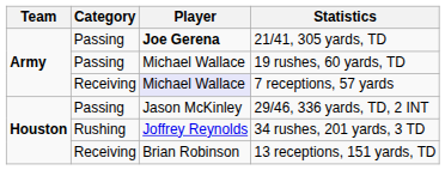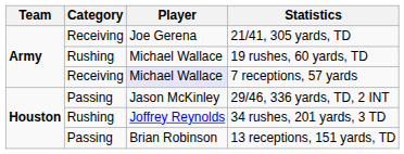 <table class="wikitable" style="float: right;">
 <tr>
 <th>Team</th>
 <th>Category</th>
 <th>Player</th>
 <th>Statistics</th>
 </tr>
 <tr>
 <td rowspan=3><strong>Army</strong></td>
-<td>Passing</td>
-<td><strong>Joe Gerena</strong></td>
+<td>Receiving</td>
+<td>Joe Gerena</td>
 <td>21/41, 305 yards, TD</td>
 </tr>
 <tr>
-<td>Passing</td>
+<td>Rushing</td>
 <td>Michael Wallace</td>
 <td>19 rushes, 60 yards, TD</td>
 </tr>
 <tr>
 <td>Receiving</td>
 <td style="background: lavender;">Michael Wallace</td>
 <td>7 receptions, 57 yards</td>
 </tr>
 <tr>
 <td rowspan=3><strong>Houston</strong></td>
 <td>Passing</td>
 <td>Jason McKinley</td>
 <td>29/46, 336 yards, TD, 2 INT</td>
 </tr>
 <tr>
 <td>Rushing</td>
 <td><a href='#'>Joffrey Reynolds</a></td>
 <td>34 rushes, 201 yards, 3 TD</td>
 </tr>
 <tr>
-<td>Receiving</td>
+<td>Passing</td>
 <td>Brian Robinson</td>
 <td>13 receptions, 151 yards, TD</td>
 </tr>
 </table>
